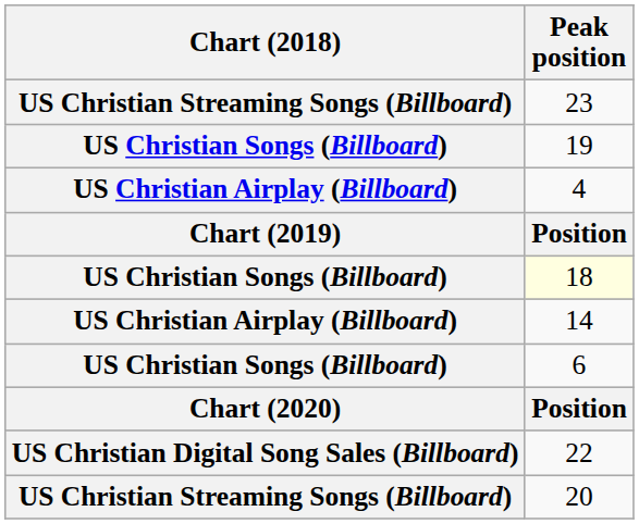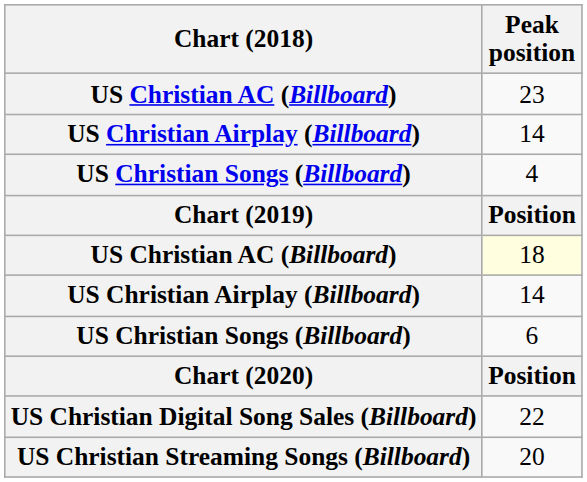 <table class="wikitable plainrowheaders" style="text-align:center">
 <tr>
 <th scope="col">Chart (2018)</th>
 <th scope="col">Peak<br>position</th>
 </tr>
 <tr>
-<th scope="row">US Christian Streaming Songs (<em>Billboard</em>)</th>
+<th scope="row">US <a href='#'>Christian AC</a> (<em><a href='#'>Billboard</a></em>)</th>
 <td>23</td>
 </tr>
 <tr>
-<th scope="row">US <a href='#'>Christian Songs</a> (<em><a href='#'>Billboard</a></em>)</th>
-<td>19</td>
+<th scope="row">US <a href='#'>Christian Airplay</a> (<em><a href='#'>Billboard</a></em>)</th>
+<td>14</td>
 </tr>
 <tr>
-<th scope="row">US <a href='#'>Christian Airplay</a> (<em><a href='#'>Billboard</a></em>)</th>
+<th scope="row">US <a href='#'>Christian Songs</a> (<em><a href='#'>Billboard</a></em>)</th>
 <td>4</td>
 </tr>
 <tr>
 <th scope="col">Chart (2019)</th>
 <th scope="col">Position</th>
 </tr>
 <tr>
-<th scope="row">US Christian Songs (<em>Billboard</em>)</th>
+<th scope="row">US Christian AC (<em>Billboard</em>)</th>
 <td style="background: lightyellow;">18</td>
 </tr>
 <tr>
 <th scope="row">US Christian Airplay (<em>Billboard</em>)</th>
 <td>14</td>
 </tr>
 <tr>
 <th scope="row">US Christian Songs (<em>Billboard</em>)</th>
 <td>6</td>
 </tr>
 <tr>
 <th scope="col">Chart (2020)</th>
 <th scope="col">Position</th>
 </tr>
 <tr>
 <th scope="row">US Christian Digital Song Sales (<em>Billboard</em>)</th>
 <td>22</td>
 </tr>
 <tr>
 <th scope="row">US Christian Streaming Songs (<em>Billboard</em>)</th>
 <td>20</td>
 </tr>
 </table>
